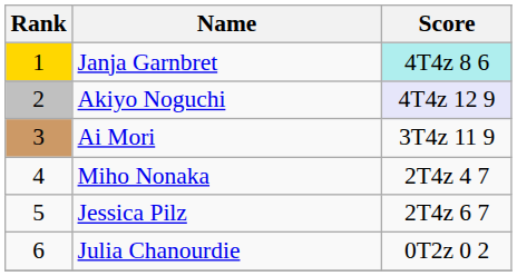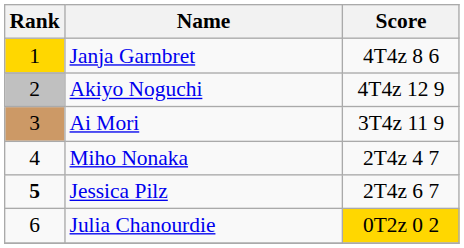 <table class="wikitable">
 <tr>
 <th>Rank</th>
 <th width = "200">Name</th>
 <th width = "80">Score</th>
 </tr>
 <tr>
 <td align="center" style="background: gold">1</td>
 <td> <a href='#'>Janja Garnbret</a></td>
-<td align="center" style="background: paleturquoise;">4T4z 8 6</td>
+<td align="center">4T4z 8 6</td>
 </tr>
 <tr>
 <td align="center" style="background: silver">2</td>
 <td> <a href='#'>Akiyo Noguchi</a></td>
-<td align="center" style="background: lavender;">4T4z 12 9</td>
+<td align="center">4T4z 12 9</td>
 </tr>
 <tr>
 <td align="center" style="background: #cc9966">3</td>
 <td> <a href='#'>Ai Mori</a></td>
 <td align="center">3T4z 11 9</td>
 </tr>
 <tr>
 <td align="center">4</td>
 <td> <a href='#'>Miho Nonaka</a></td>
 <td align="center">2T4z 4 7</td>
 </tr>
 <tr>
-<td align="center">5</td>
+<td align="center"><strong>5</strong></td>
 <td> <a href='#'>Jessica Pilz</a></td>
 <td align="center">2T4z 6 7</td>
 </tr>
 <tr>
 <td align="center">6</td>
 <td> <a href='#'>Julia Chanourdie</a></td>
-<td align="center">0T2z 0 2</td>
+<td align="center" style="background: gold;">0T2z 0 2</td>
 </tr>
 <tr>
 </tr>
 </table>
